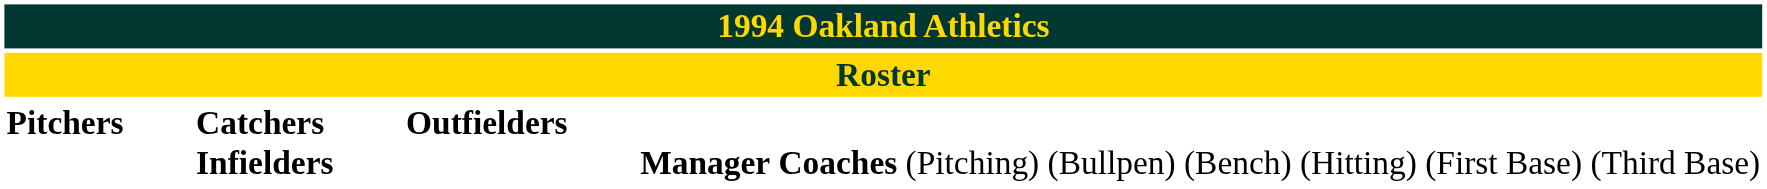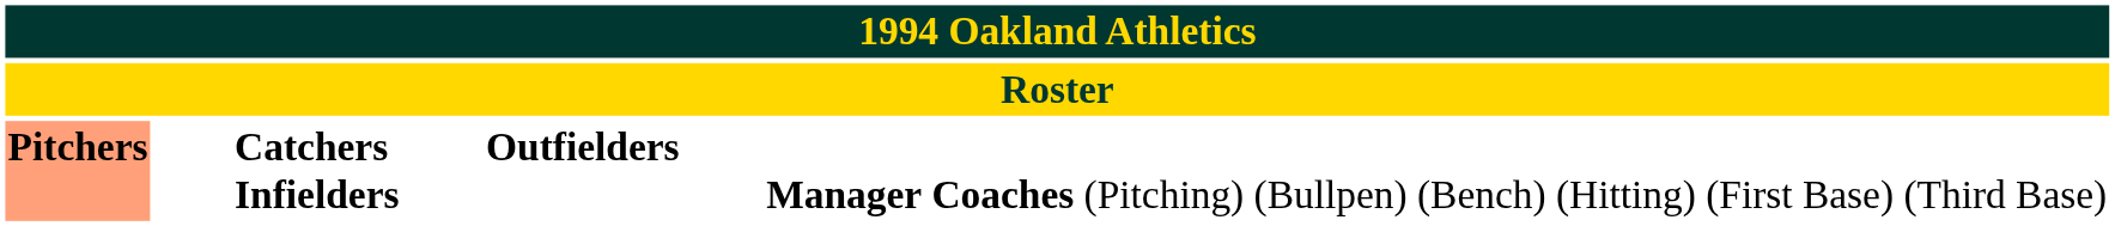 <table class="toccolours" style="font-size: 95%;">
 <tr>
 <th colspan="10" style="background-color: #003831; color: #FFD800; text-align: center;">1994 Oakland Athletics</th>
 </tr>
 <tr>
 <td colspan="10" style="background-color: #FFD800; color: #003831; text-align: center;"><strong>Roster</strong></td>
 </tr>
 <tr>
-<td valign="top"><strong>Pitchers</strong><br>                   </td>
+<td valign="top" style="background: lightsalmon;"><strong>Pitchers</strong><br>                   </td>
 <td width="25px"></td>
 <td valign="top"><strong>Catchers</strong><br>   <strong>Infielders</strong>             </td>
 <td width="25px"></td>
 <td valign="top"><strong>Outfielders</strong><br>      </td>
 <td width="25px"></td>
 <td valign="top"><br><strong>Manager</strong>  <strong>Coaches</strong>  (Pitching)  (Bullpen)  (Bench)  (Hitting)  (First Base)  (Third Base)</td>
 </tr>
 </table>
